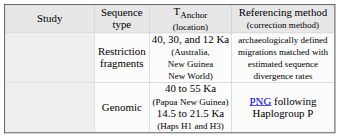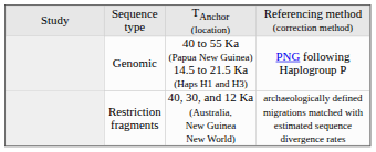 <table border="0" cellspacing="1" cellpadding="0" align="right" style="text-align:center; background:#cfcfcf; margin-leftt: 1em; margin-bottom: 1em; border:1px #3f3f3f solid;">
 <tr style="background:#e7e7e7">
 <td width = 130px>Study</td>
 <td width = 80px>Sequence<br>type</td>
 <td width = 120px>T<sub>Anchor</sub><br><small>(location)</small></td>
 <td width = 150px>Referencing method<br><small>(correction method)</small></td>
 </tr>
 <tr style =  "background:#fcfcfc">
 <td style =  "background:#efefef"></td>
+<td>Genomic</td>
+<td>40 to 55 Ka<br><small>(Papua New Guinea)</small><br>14.5 to 21.5 Ka<br><small>(Haps H1 and H3)</small></td>
+<td><a href='#'>PNG</a> following<br> Haplogroup P</td>
+</tr>
+<tr style =  "background:#fcfcfc">
+<td style =  "background:#efefef"></td>
 <td>Restriction fragments</td>
 <td>40, 30, and 12 Ka<br><small>(Australia,<br> New Guinea<br> New World)</small></td>
 <td><small>archaeologically defined<br> migrations matched with<br> estimated sequence divergence rates</small></td>
 </tr>
-<tr style =  "background:#fcfcfc">
-<td style =  "background:#efefef"></td>
-<td>Genomic</td>
-<td>40 to 55 Ka<br><small>(Papua New Guinea)</small><br>14.5 to 21.5 Ka<br><small>(Haps H1 and H3)</small></td>
-<td><a href='#'>PNG</a> following<br> Haplogroup P</td>
-</tr>
 </table>
